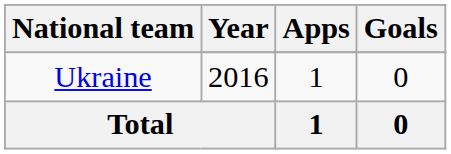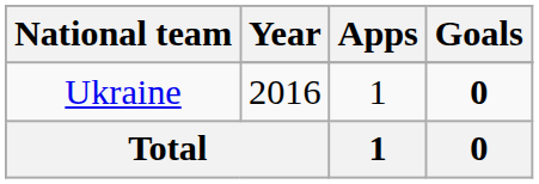 <table class="wikitable" style="text-align:center">
 <tr>
 <th>National team</th>
 <th>Year</th>
 <th>Apps</th>
 <th>Goals</th>
 </tr>
 <tr>
 <td rowspan=2><a href='#'>Ukraine</a></td>
 </tr>
 <tr>
 <td>2016</td>
 <td>1</td>
-<td>0</td>
+<td><strong>0</strong></td>
 </tr>
 <tr>
 <th colspan="2">Total</th>
 <th>1</th>
 <th>0</th>
 </tr>
 </table>
